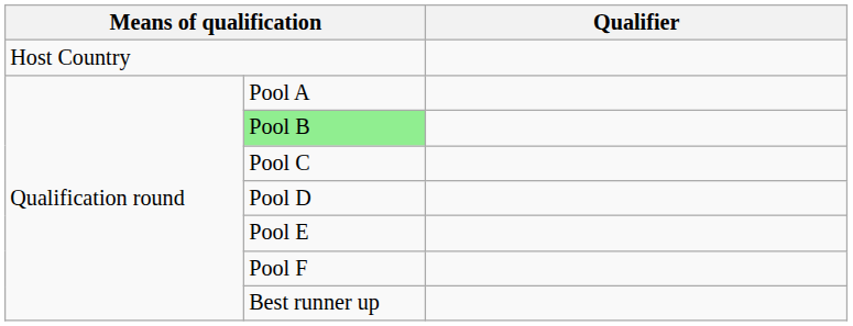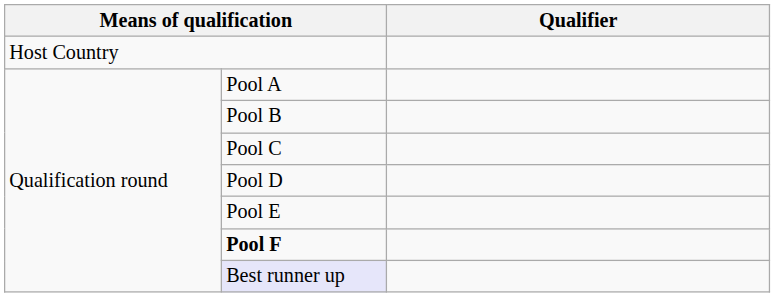 <table class=wikitable>
 <tr>
 <th colspan=2 width=30%>Means of qualification</th>
 <th width=30%>Qualifier</th>
 </tr>
 <tr>
 <td colspan=2>Host Country</td>
 <td></td>
 </tr>
 <tr>
 <td rowspan=7>Qualification round</td>
 <td>Pool A</td>
 <td></td>
 </tr>
 <tr>
-<td style="background: lightgreen;">Pool B</td>
+<td>Pool B</td>
 <td></td>
 </tr>
 <tr>
 <td>Pool C</td>
 <td></td>
 </tr>
 <tr>
 <td>Pool D</td>
 <td></td>
 </tr>
 <tr>
 <td>Pool E</td>
 <td></td>
 </tr>
 <tr>
-<td>Pool F</td>
+<td><strong>Pool F</strong></td>
 <td></td>
 </tr>
 <tr>
-<td>Best runner up</td>
+<td style="background: lavender;">Best runner up</td>
 <td></td>
 </tr>
 </table>
